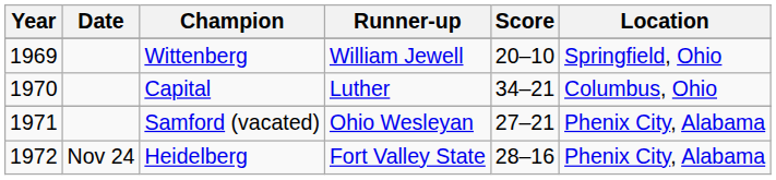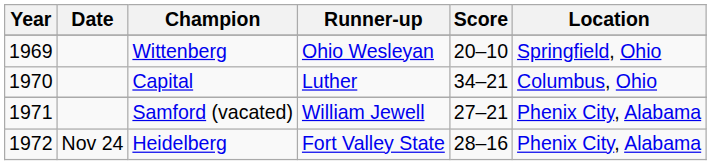 <table class="wikitable sortable">
 <tr>
 <th width=px>Year</th>
 <th width=px>Date</th>
 <th width=px>Champion</th>
 <th width=px>Runner-up</th>
 <th width=px>Score</th>
 <th width=px>Location</th>
 </tr>
 <tr>
 </tr>
 <tr>
 <td>1969</td>
 <td></td>
 <td><a href='#'>Wittenberg</a></td>
-<td><a href='#'>William Jewell</a></td>
+<td><a href='#'>Ohio Wesleyan</a></td>
 <td align=center>20–10</td>
 <td><a href='#'>Springfield</a>, <a href='#'>Ohio</a></td>
 </tr>
 <tr>
 <td>1970</td>
 <td></td>
 <td><a href='#'>Capital</a></td>
 <td><a href='#'>Luther</a></td>
 <td align=center>34–21</td>
 <td><a href='#'>Columbus</a>, <a href='#'>Ohio</a></td>
 </tr>
 <tr>
 </tr>
 <tr>
 <td>1971</td>
 <td></td>
 <td><a href='#'>Samford</a> (vacated)</td>
-<td><a href='#'>Ohio Wesleyan</a></td>
+<td><a href='#'>William Jewell</a></td>
 <td align=center>27–21</td>
 <td><a href='#'>Phenix City</a>, <a href='#'>Alabama</a></td>
 </tr>
 <tr>
 <td>1972</td>
 <td>Nov 24</td>
 <td><a href='#'>Heidelberg</a></td>
 <td><a href='#'>Fort Valley State</a></td>
 <td align=center>28–16</td>
 <td><a href='#'>Phenix City</a>, <a href='#'>Alabama</a></td>
 </tr>
 </table>
